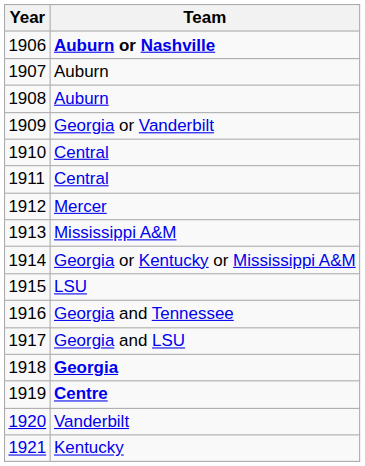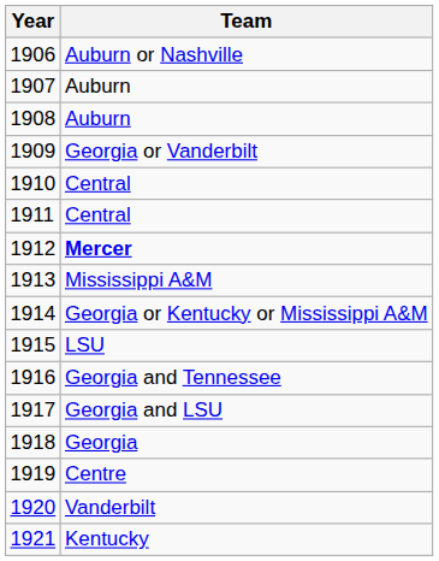 <table class=wikitable>
 <tr>
 <th>Year</th>
 <th>Team</th>
 </tr>
 <tr>
 <td>1906</td>
-<td><strong><a href='#'>Auburn</a> or <a href='#'>Nashville</a></strong></td>
+<td><a href='#'>Auburn</a> or <a href='#'>Nashville</a></td>
 </tr>
 <tr>
 <td>1907</td>
 <td>Auburn</td>
 </tr>
 <tr>
 <td>1908</td>
 <td><a href='#'>Auburn</a></td>
 </tr>
 <tr>
 <td>1909</td>
 <td><a href='#'>Georgia</a> or <a href='#'>Vanderbilt</a></td>
 </tr>
 <tr>
 <td>1910</td>
 <td><a href='#'>Central</a></td>
 </tr>
 <tr>
 <td>1911</td>
 <td><a href='#'>Central</a></td>
 </tr>
 <tr>
 <td>1912</td>
-<td><a href='#'>Mercer</a></td>
+<td><strong><a href='#'>Mercer</a></strong></td>
 </tr>
 <tr>
 <td>1913</td>
 <td><a href='#'>Mississippi A&M</a></td>
 </tr>
 <tr>
 <td>1914</td>
 <td><a href='#'>Georgia</a> or <a href='#'>Kentucky</a> or <a href='#'>Mississippi A&M</a></td>
 </tr>
 <tr>
 <td>1915</td>
 <td><a href='#'>LSU</a></td>
 </tr>
 <tr>
 <td>1916</td>
 <td><a href='#'>Georgia</a> and <a href='#'>Tennessee</a></td>
 </tr>
 <tr>
 <td>1917</td>
 <td><a href='#'>Georgia</a>  and <a href='#'>LSU</a></td>
 </tr>
 <tr>
 <td>1918</td>
-<td><strong><a href='#'>Georgia</a></strong></td>
+<td><a href='#'>Georgia</a></td>
 </tr>
 <tr>
 <td>1919</td>
-<td><strong><a href='#'>Centre</a></strong></td>
+<td><a href='#'>Centre</a></td>
 </tr>
 <tr>
 <td><a href='#'>1920</a></td>
 <td><a href='#'>Vanderbilt</a></td>
 </tr>
 <tr>
 <td><a href='#'>1921</a></td>
 <td><a href='#'>Kentucky</a></td>
 </tr>
 </table>
